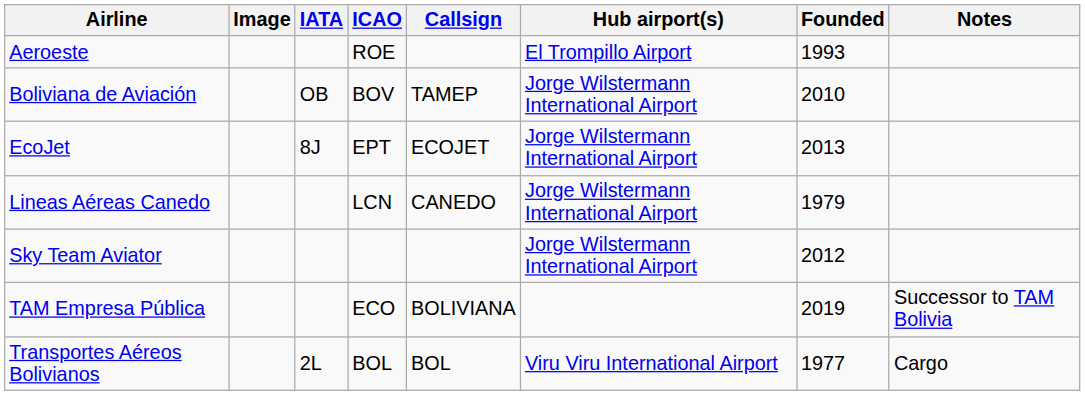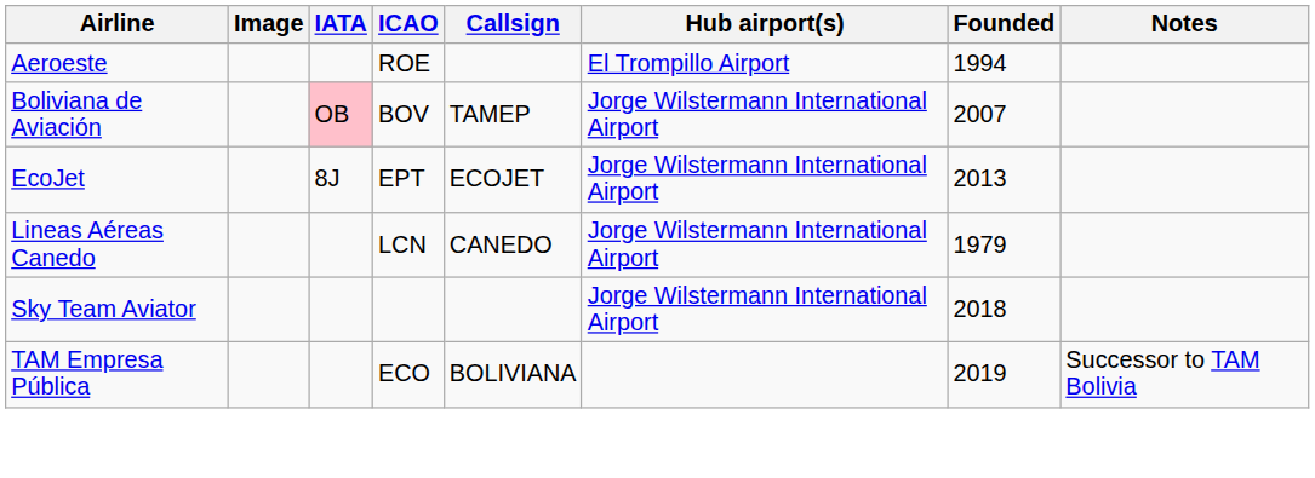 <table class="wikitable sortable" style="border: 0; cellpadding: 2; cellspacing: 3;">
 <tr valign="middle">
 <th>Airline</th>
 <th>Image</th>
 <th><a href='#'>IATA</a></th>
 <th><a href='#'>ICAO</a></th>
 <th><a href='#'>Callsign</a></th>
 <th>Hub airport(s)</th>
 <th>Founded</th>
 <th class="unsortable">Notes</th>
 </tr>
 <tr>
 <td><a href='#'>Aeroeste</a></td>
 <td></td>
 <td></td>
 <td>ROE</td>
 <td></td>
 <td><a href='#'>El Trompillo Airport</a></td>
-<td>1993</td>
+<td>1994</td>
 <td></td>
 </tr>
 <tr>
 <td><a href='#'>Boliviana de Aviación</a></td>
 <td></td>
-<td>OB</td>
+<td style="background: pink;">OB</td>
 <td>BOV</td>
 <td>TAMEP</td>
 <td><a href='#'>Jorge Wilstermann International Airport</a></td>
-<td>2010</td>
+<td>2007</td>
 <td></td>
 </tr>
 <tr>
 <td><a href='#'>EcoJet</a></td>
 <td></td>
 <td>8J</td>
 <td>EPT</td>
 <td>ECOJET</td>
 <td><a href='#'>Jorge Wilstermann International Airport</a></td>
 <td>2013</td>
 <td></td>
 </tr>
 <tr>
 <td><a href='#'>Lineas Aéreas Canedo</a></td>
 <td></td>
 <td></td>
 <td>LCN</td>
 <td>CANEDO</td>
 <td><a href='#'>Jorge Wilstermann International Airport</a></td>
 <td>1979</td>
 <td></td>
 </tr>
 <tr>
 <td><a href='#'>Sky Team Aviator</a></td>
 <td></td>
 <td></td>
 <td></td>
 <td></td>
 <td><a href='#'>Jorge Wilstermann International Airport</a></td>
-<td>2012</td>
+<td>2018</td>
 <td></td>
 </tr>
 <tr>
 <td><a href='#'>TAM Empresa Pública</a></td>
 <td></td>
 <td></td>
 <td>ECO</td>
 <td>BOLIVIANA</td>
 <td></td>
 <td>2019</td>
 <td>Successor to <a href='#'>TAM Bolivia</a></td>
 </tr>
 <tr>
-<td><a href='#'>Transportes Aéreos Bolivianos</a></td>
-<td></td>
-<td>2L</td>
-<td>BOL</td>
-<td>BOL</td>
-<td><a href='#'>Viru Viru International Airport</a></td>
-<td>1977</td>
-<td>Cargo</td>
-</tr>
-<tr>
 </tr>
 </table>
